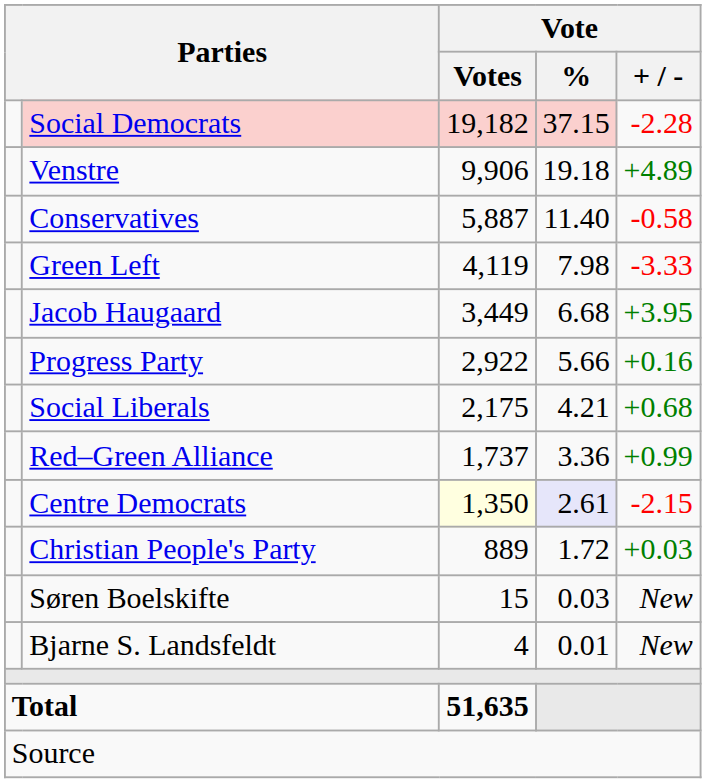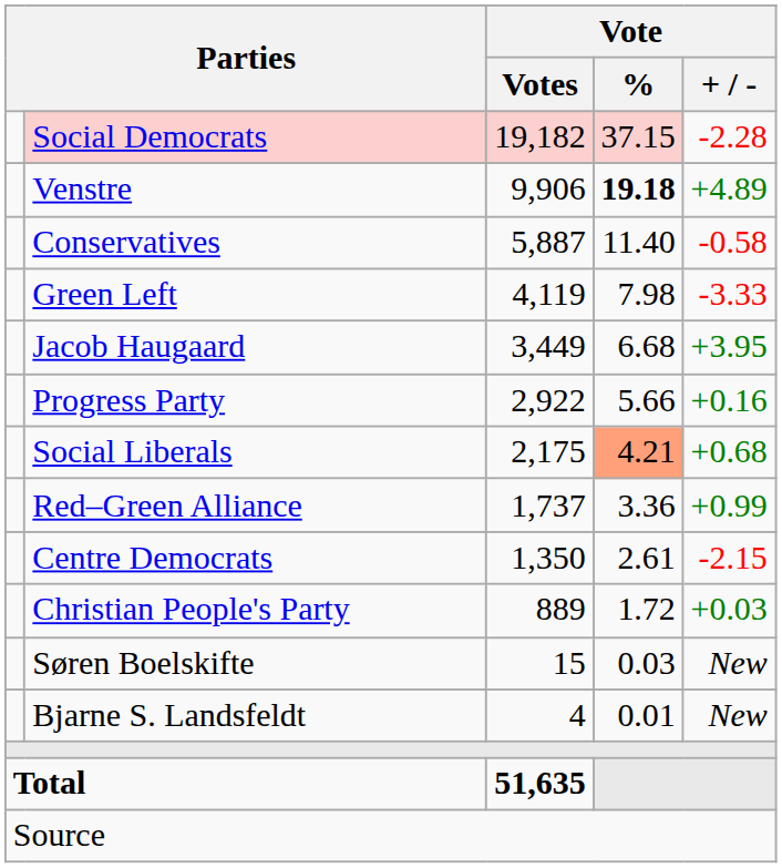 <table class="wikitable" style="text-align:right;">
 <tr>
 <th style="text-align:centre;" rowspan="2" colspan="2" width="225">Parties</th>
 <th colspan="3">Vote</th>
 </tr>
 <tr>
 <th width="15">Votes</th>
 <th width="15">%</th>
 <th width="15">+ / -</th>
 </tr>
 <tr>
 <td width="2" style="color:inherit;background:"></td>
 <td bgcolor=#fbd0ce  align="left"><a href='#'>Social Democrats</a></td>
 <td bgcolor=#fbd0ce>19,182</td>
 <td bgcolor=#fbd0ce>37.15</td>
 <td style=color:red;>-2.28</td>
 </tr>
 <tr>
 <td width="2" style="color:inherit;background:"></td>
 <td align="left"><a href='#'>Venstre</a></td>
 <td>9,906</td>
-<td>19.18</td>
+<td><strong>19.18</strong></td>
 <td style=color:green;>+4.89</td>
 </tr>
 <tr>
 <td width="2" style="color:inherit;background:"></td>
 <td align="left"><a href='#'>Conservatives</a></td>
 <td>5,887</td>
 <td>11.40</td>
 <td style=color:red;>-0.58</td>
 </tr>
 <tr>
 <td width="2" style="color:inherit;background:"></td>
 <td align="left"><a href='#'>Green Left</a></td>
 <td>4,119</td>
 <td>7.98</td>
 <td style=color:red;>-3.33</td>
 </tr>
 <tr>
 <td width="2" style="color:inherit;background:"></td>
 <td align="left"><a href='#'>Jacob Haugaard</a></td>
 <td>3,449</td>
 <td>6.68</td>
 <td style=color:green;>+3.95</td>
 </tr>
 <tr>
 <td width="2" style="color:inherit;background:"></td>
 <td align="left"><a href='#'>Progress Party</a></td>
 <td>2,922</td>
 <td>5.66</td>
 <td style=color:green;>+0.16</td>
 </tr>
 <tr>
 <td width="2" style="color:inherit;background:"></td>
 <td align="left"><a href='#'>Social Liberals</a></td>
 <td>2,175</td>
-<td>4.21</td>
+<td style="background: lightsalmon;">4.21</td>
 <td style=color:green;>+0.68</td>
 </tr>
 <tr>
 <td width="2" style="color:inherit;background:"></td>
 <td align="left"><a href='#'>Red–Green Alliance</a></td>
 <td>1,737</td>
 <td>3.36</td>
 <td style=color:green;>+0.99</td>
 </tr>
 <tr>
 <td width="2" style="color:inherit;background:"></td>
 <td align="left"><a href='#'>Centre Democrats</a></td>
-<td style="background: lightyellow;">1,350</td>
-<td style="background: lavender;">2.61</td>
+<td>1,350</td>
+<td>2.61</td>
 <td style=color:red;>-2.15</td>
 </tr>
 <tr>
 <td width="2" style="color:inherit;background:"></td>
 <td align="left"><a href='#'>Christian People's Party</a></td>
 <td>889</td>
 <td>1.72</td>
 <td style=color:green;>+0.03</td>
 </tr>
 <tr>
 <td width="2" style="color:inherit;background:"></td>
 <td align="left">Søren Boelskifte</td>
 <td>15</td>
 <td>0.03</td>
 <td><em>New</em></td>
 </tr>
 <tr>
 <td width="2" style="color:inherit;background:"></td>
 <td align="left">Bjarne S. Landsfeldt</td>
 <td>4</td>
 <td>0.01</td>
 <td><em>New</em></td>
 </tr>
 <tr>
 <td colspan="7" bgcolor="#E9E9E9"></td>
 </tr>
 <tr>
 <td align="left" colspan="2"><strong>Total</strong></td>
 <td><strong>51,635</strong></td>
 <td bgcolor="#E9E9E9" colspan="2"></td>
 </tr>
 <tr>
 <td align="left" colspan="6">Source</td>
 </tr>
 </table>
